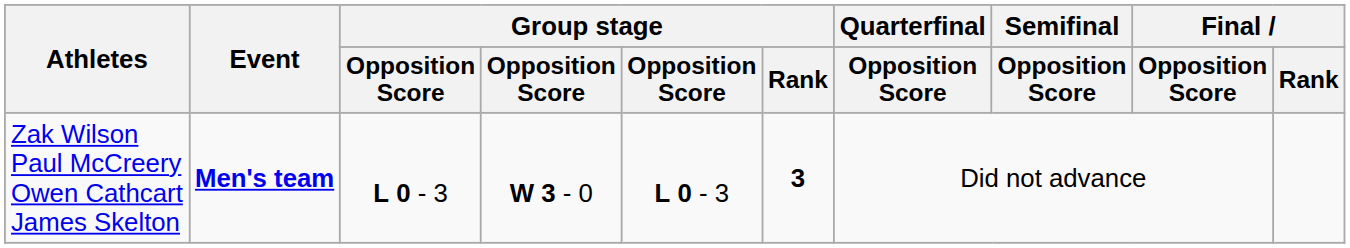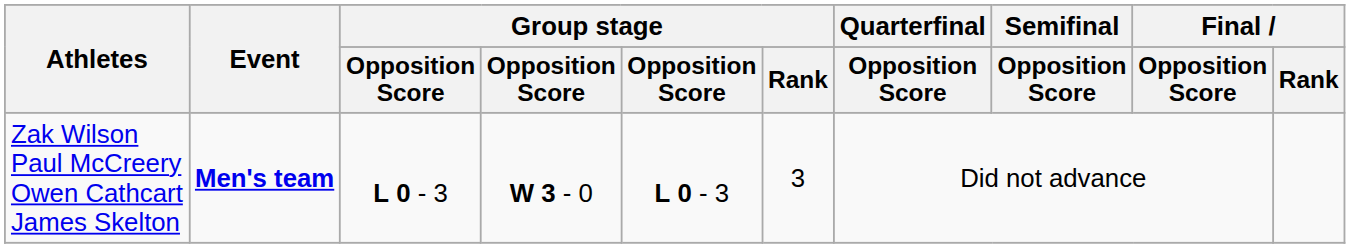 <table class=wikitable style=font-size:88%;text-align:center>
 <tr>
 <th rowspan=2>Athletes</th>
 <th rowspan=2>Event</th>
 <th colspan=4>Group stage</th>
 <th>Quarterfinal</th>
 <th>Semifinal</th>
 <th colspan=2>Final / </th>
 </tr>
 <tr style=font-size:95%>
 <th>Opposition<br>Score</th>
 <th>Opposition<br>Score</th>
 <th>Opposition<br>Score</th>
 <th>Rank</th>
 <th>Opposition<br>Score</th>
 <th>Opposition<br>Score</th>
 <th>Opposition<br>Score</th>
 <th>Rank</th>
 </tr>
 <tr>
 <td align=left><a href='#'>Zak Wilson</a> <br> <a href='#'>Paul McCreery</a> <br> <a href='#'>Owen Cathcart</a> <br><a href='#'>James Skelton</a></td>
 <td align=left><strong><a href='#'>Men's team</a></strong></td>
 <td><br><strong>L</strong> <strong>0</strong> - 3</td>
 <td><br><strong>W</strong> <strong>3</strong> - 0</td>
 <td><br><strong>L</strong> <strong>0</strong> - 3</td>
-<td><strong>3</strong></td>
+<td>3</td>
 <td colspan="3">Did not advance</td>
 <td></td>
 </tr>
 </table>
